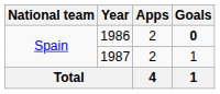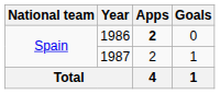 <table class=wikitable style="text-align: center">
 <tr>
 <th>National team</th>
 <th>Year</th>
 <th>Apps</th>
 <th>Goals</th>
 </tr>
 <tr>
 <td rowspan=2><a href='#'>Spain</a></td>
 <td>1986</td>
-<td>2</td>
-<td><strong>0</strong></td>
+<td><strong>2</strong></td>
+<td>0</td>
 </tr>
 <tr>
 <td>1987</td>
 <td>2</td>
 <td>1</td>
 </tr>
 <tr>
 <th colspan=2>Total</th>
 <th>4</th>
 <th>1</th>
 </tr>
 </table>
